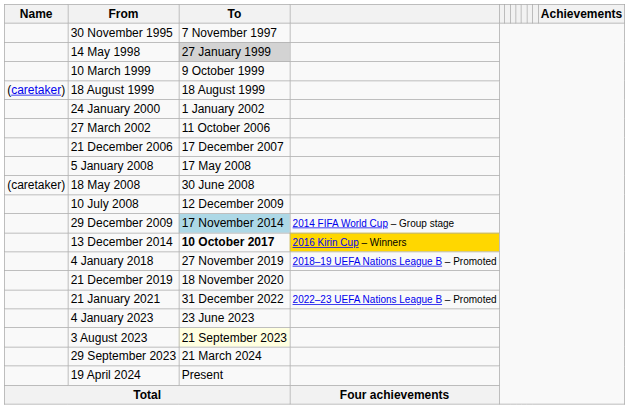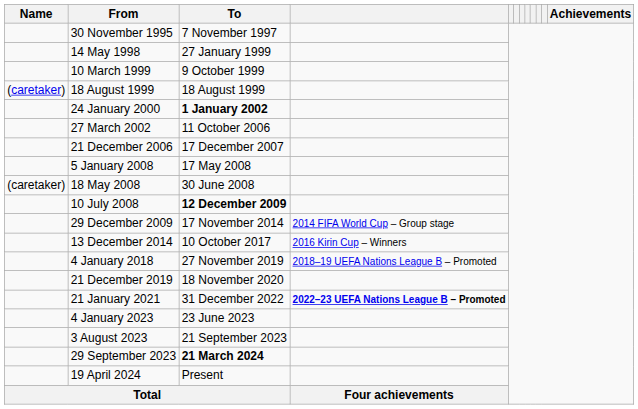 <table class=wikitable style="text-align:left">
 <tr>
 <th>Name</th>
 <th>From</th>
 <th>To</th>
 <th></th>
 <th></th>
 <th></th>
 <th></th>
 <th></th>
 <th></th>
 <th></th>
 <th></th>
 <th>Achievements</th>
 </tr>
 <tr>
 <td> </td>
 <td>30 November 1995</td>
 <td>7 November 1997<br></td>
 <td></td>
 </tr>
 <tr>
 <td> </td>
 <td>14 May 1998</td>
-<td style="background: lightgrey;">27 January 1999<br></td>
+<td>27 January 1999<br></td>
 <td></td>
 </tr>
 <tr>
 <td> </td>
 <td>10 March 1999</td>
 <td>9 October 1999<br></td>
 <td></td>
 </tr>
 <tr>
 <td>  (<a href='#'>caretaker</a>)</td>
 <td>18 August 1999</td>
 <td>18 August 1999<br></td>
 <td></td>
 </tr>
 <tr>
 <td> </td>
 <td>24 January 2000</td>
-<td>1 January 2002<br></td>
+<td><strong>1 January 2002<br></strong></td>
 <td></td>
 </tr>
 <tr>
 <td> </td>
 <td>27 March 2002</td>
 <td>11 October 2006<br></td>
 <td></td>
 </tr>
 <tr>
 <td> </td>
 <td>21 December 2006</td>
 <td>17 December 2007<br></td>
 <td></td>
 </tr>
 <tr>
 <td> </td>
 <td>5 January 2008</td>
 <td>17 May 2008<br></td>
 <td></td>
 </tr>
 <tr>
 <td>  (caretaker)</td>
 <td>18 May 2008</td>
 <td>30 June 2008<br></td>
 <td></td>
 </tr>
 <tr>
 <td> </td>
 <td>10 July 2008</td>
-<td>12 December 2009<br></td>
+<td><strong>12 December 2009<br></strong></td>
 <td></td>
 </tr>
 <tr>
 <td> </td>
 <td>29 December 2009</td>
-<td style="background: lightblue;">17 November 2014<br></td>
+<td>17 November 2014<br></td>
 <td><small><a href='#'>2014 FIFA World Cup</a> – Group stage</small></td>
 </tr>
 <tr>
 <td> </td>
 <td>13 December 2014</td>
-<td><strong>10 October 2017<br></strong></td>
-<td style="background: gold;"><small><a href='#'>2016 Kirin Cup</a> – Winners</small></td>
+<td>10 October 2017<br></td>
+<td><small><a href='#'>2016 Kirin Cup</a> – Winners</small></td>
 </tr>
 <tr>
 <td> </td>
 <td>4 January 2018</td>
 <td>27 November 2019<br></td>
 <td><small><a href='#'>2018–19 UEFA Nations League B</a> – Promoted</small></td>
 </tr>
 <tr>
 <td> </td>
 <td>21 December 2019</td>
 <td>18 November 2020<br></td>
 <td></td>
 </tr>
 <tr>
 <td> </td>
 <td>21 January 2021</td>
 <td>31 December 2022<br></td>
-<td><small><a href='#'>2022–23 UEFA Nations League B</a> – Promoted</small></td>
+<td><strong><small><a href='#'>2022–23 UEFA Nations League B</a> – Promoted</small></strong></td>
 </tr>
 <tr>
 <td> </td>
 <td>4 January 2023</td>
 <td>23 June 2023<br></td>
 <td></td>
 </tr>
 <tr>
 <td> </td>
 <td>3 August 2023</td>
-<td style="background: lightyellow;">21 September 2023<br></td>
+<td>21 September 2023<br></td>
 <td></td>
 </tr>
 <tr>
 <td> </td>
 <td>29 September 2023</td>
-<td>21 March 2024<br></td>
+<td><strong>21 March 2024<br></strong></td>
 <td></td>
 </tr>
 <tr>
 <td> </td>
 <td>19 April 2024</td>
 <td>Present<br></td>
 <td></td>
 </tr>
 <tr>
 <th colspan=3>Total<br></th>
 <th align=center>Four achievements</th>
 </tr>
 </table>
